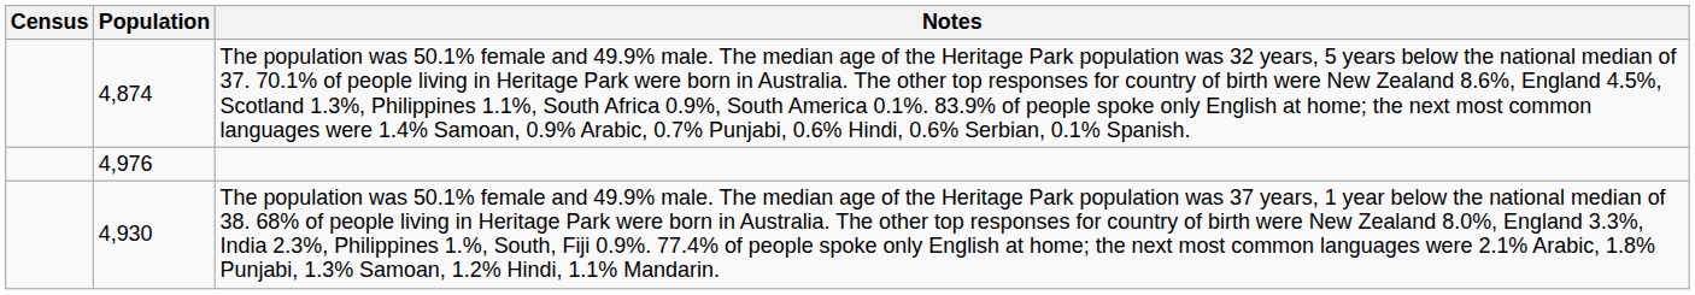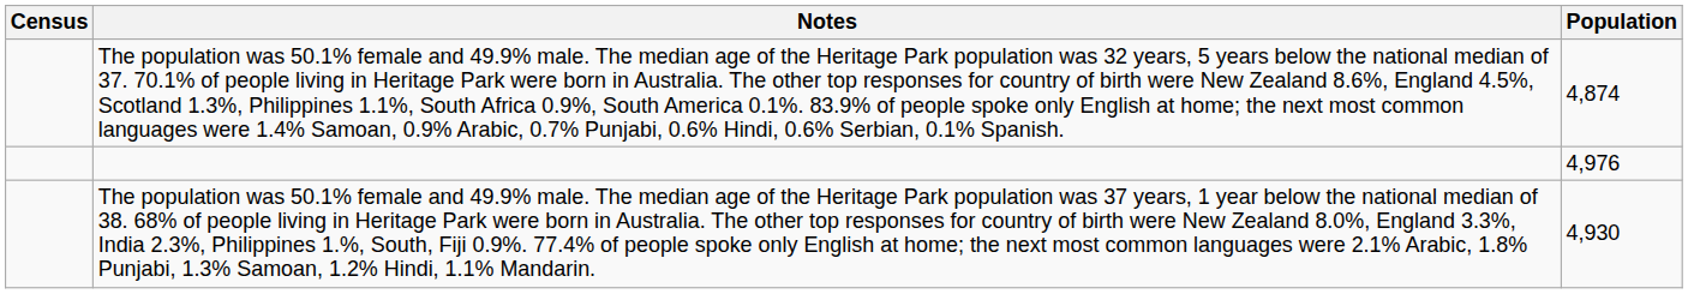 <table class="wikitable">
 <tr>
 <th>Census</th>
+<th>Notes</th>
 <th>Population</th>
-<th>Notes</th>
 </tr>
 <tr>
 <td></td>
+<td>The population was 50.1% female and 49.9% male. The median age of the Heritage Park population was 32 years, 5 years below the national median of 37. 70.1% of people living in Heritage Park were born in Australia. The other top responses for country of birth were New Zealand 8.6%, England 4.5%, Scotland 1.3%, Philippines 1.1%, South Africa 0.9%, South America 0.1%. 83.9% of people spoke only English at home; the next most common languages were 1.4% Samoan, 0.9% Arabic, 0.7% Punjabi, 0.6% Hindi, 0.6% Serbian, 0.1% Spanish.</td>
 <td>4,874</td>
-<td>The population was 50.1% female and 49.9% male. The median age of the Heritage Park population was 32 years, 5 years below the national median of 37. 70.1% of people living in Heritage Park were born in Australia. The other top responses for country of birth were New Zealand 8.6%, England 4.5%, Scotland 1.3%, Philippines 1.1%, South Africa 0.9%, South America 0.1%. 83.9% of people spoke only English at home; the next most common languages were 1.4% Samoan, 0.9% Arabic, 0.7% Punjabi, 0.6% Hindi, 0.6% Serbian, 0.1% Spanish.</td>
 </tr>
 <tr>
 <td></td>
+<td></td>
 <td>4,976</td>
-<td></td>
 </tr>
 <tr>
 <td></td>
+<td>The population was 50.1% female and 49.9% male. The median age of the Heritage Park population was 37 years, 1 year below the national median of 38. 68% of people living in Heritage Park were born in Australia. The other top responses for country of birth were New Zealand 8.0%, England 3.3%, India 2.3%, Philippines 1.%, South, Fiji 0.9%. 77.4% of people spoke only English at home; the next most common languages were 2.1% Arabic, 1.8% Punjabi, 1.3% Samoan, 1.2% Hindi, 1.1% Mandarin.</td>
 <td>4,930</td>
-<td>The population was 50.1% female and 49.9% male. The median age of the Heritage Park population was 37 years, 1 year below the national median of 38. 68% of people living in Heritage Park were born in Australia. The other top responses for country of birth were New Zealand 8.0%, England 3.3%, India 2.3%, Philippines 1.%, South, Fiji 0.9%. 77.4% of people spoke only English at home; the next most common languages were 2.1% Arabic, 1.8% Punjabi, 1.3% Samoan, 1.2% Hindi, 1.1% Mandarin.</td>
 </tr>
 </table>
